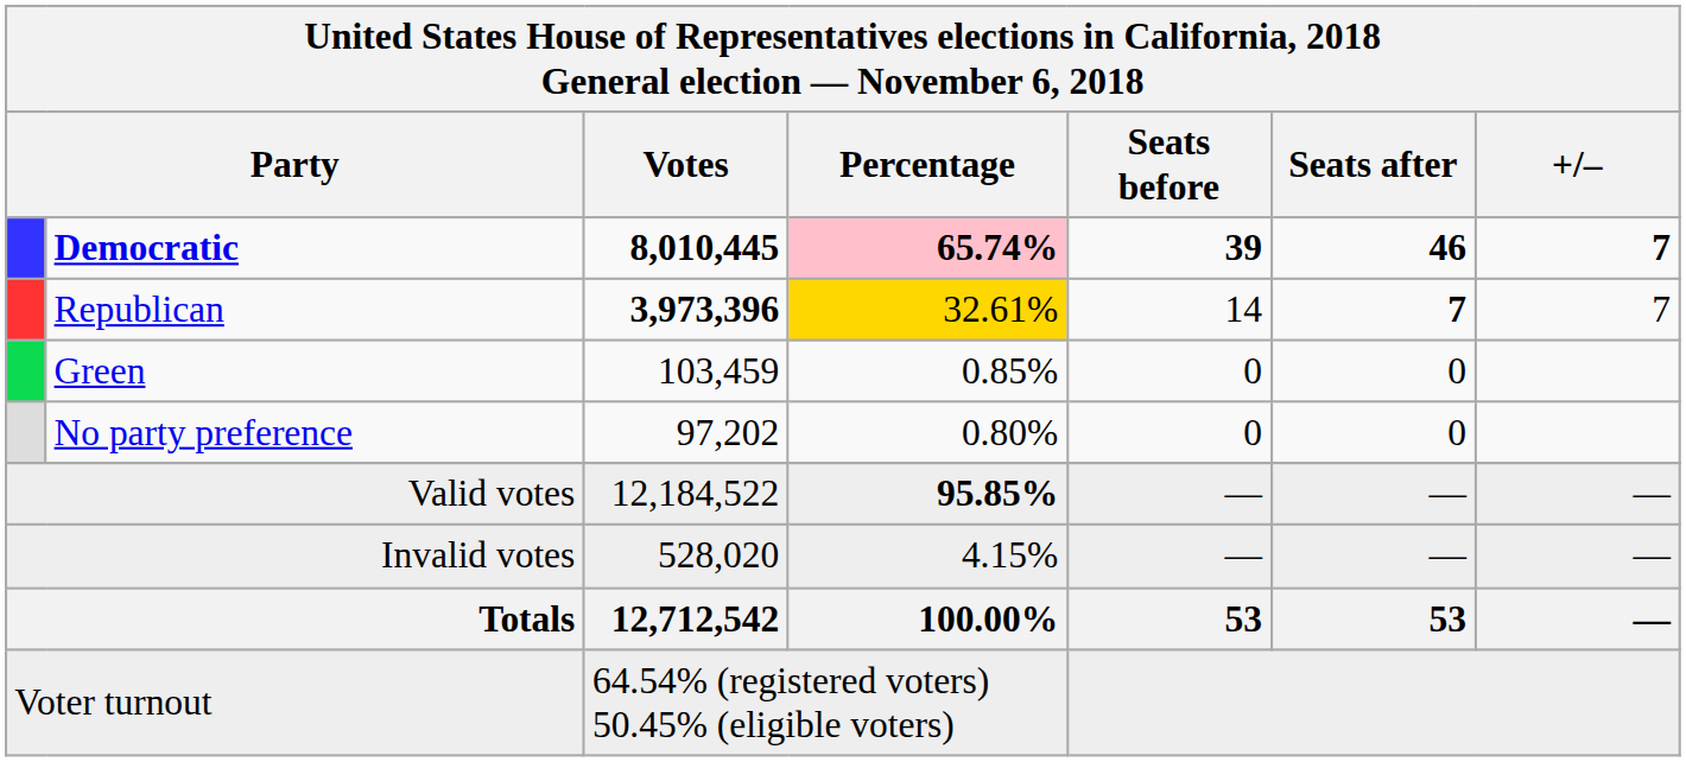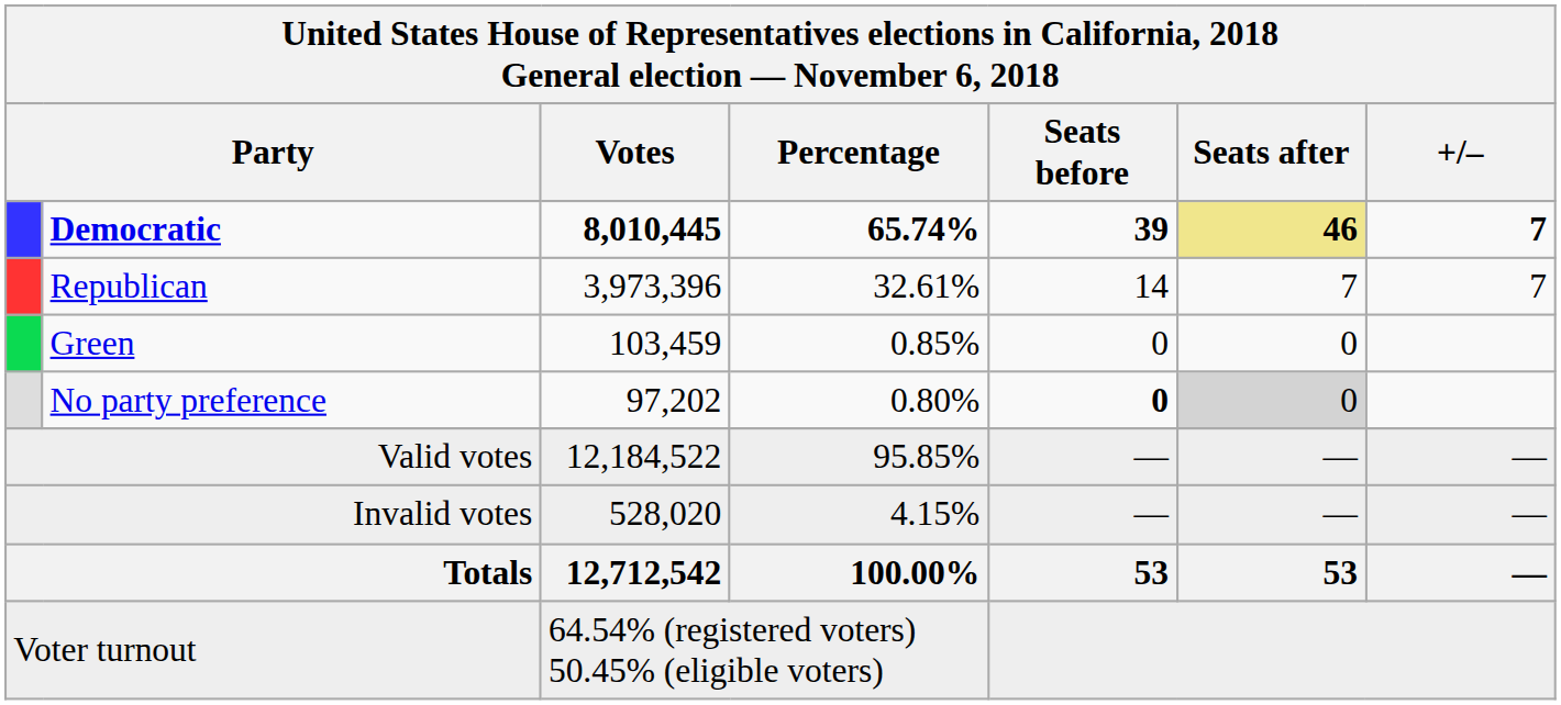 <table class="wikitable" style="font-size: 95%;">
 <tr>
 <th colspan="7">United States House of Representatives elections in California, 2018<br>General election — November 6, 2018</th>
 </tr>
 <tr>
 <th colspan=2 style="width: 15em">Party</th>
 <th style="width: 5em">Votes</th>
 <th style="width: 7em">Percentage</th>
 <th style="width: 5em">Seats before</th>
 <th style="width: 5em">Seats after</th>
 <th style="width: 5em">+/–</th>
 </tr>
 <tr>
 <th style="background:#33f; width:3px;"></th>
 <td style="width: 130px"><strong><a href='#'>Democratic</a></strong></td>
 <td style="text-align:right;"><strong>8,010,445</strong></td>
-<td style="background: pink; text-align:right;"><strong>65.74%</strong></td>
+<td style="text-align:right;"><strong>65.74%</strong></td>
 <td style="text-align:right;"><strong>39</strong></td>
-<td style="text-align:right;"><strong>46</strong></td>
+<td style="background: khaki; text-align:right;"><strong>46</strong></td>
 <td style="text-align:right;"><strong> 7</strong></td>
 </tr>
 <tr>
 <th style="background:#f33; width:3px;"></th>
 <td style="width: 130px"><a href='#'>Republican</a></td>
-<td style="text-align:right;"><strong>3,973,396</strong></td>
-<td style="background: gold; text-align:right;">32.61%</td>
+<td style="text-align:right;">3,973,396</td>
+<td style="text-align:right;">32.61%</td>
 <td style="text-align:right;">14</td>
-<td style="text-align:right;"><strong>7</strong></td>
+<td style="text-align:right;">7</td>
 <td style="text-align:right;"> 7</td>
 </tr>
 <tr>
 <th style="background:#0bda51; width:3px;"></th>
 <td style="width: 130px"><a href='#'>Green</a></td>
 <td style="text-align:right;">103,459</td>
 <td style="text-align:right;">0.85%</td>
 <td style="text-align:right;">0</td>
 <td style="text-align:right;">0</td>
 <td style="text-align:right;"></td>
 </tr>
 <tr>
 <th style="background:#dddddd; width:3px;"></th>
 <td style="width: 130px"><a href='#'>No party preference</a></td>
 <td style="text-align:right;">97,202</td>
 <td style="text-align:right;">0.80%</td>
-<td style="text-align:right;">0</td>
-<td style="text-align:right;">0</td>
+<td style="text-align:right;"><strong>0</strong></td>
+<td style="background: lightgrey; text-align:right;">0</td>
 <td style="text-align:right;"></td>
 </tr>
 <tr>
 </tr>
 <tr style="background:#eee; text-align:right;">
 <td colspan="2">Valid votes</td>
 <td>12,184,522</td>
-<td><strong>95.85%</strong></td>
+<td>95.85%</td>
 <td>—</td>
 <td>—</td>
 <td>—</td>
 </tr>
 <tr style="background:#eee; text-align:right;">
 <td colspan="2">Invalid votes</td>
 <td>528,020</td>
 <td>4.15%</td>
 <td>—</td>
 <td>—</td>
 <td>—</td>
 </tr>
 <tr style="background:#eee;">
 <th colspan="2" style="text-align:right;">Totals</th>
 <th style="text-align:right;">12,712,542</th>
 <th style="text-align:right;">100.00%</th>
 <th style="text-align:right;">53</th>
 <th style="text-align:right;">53</th>
 <th style="text-align:right;">—</th>
 </tr>
 <tr style="background:#eee; text-align:left;">
 <td colspan="2">Voter turnout</td>
 <td colspan="2">64.54% (registered voters)<br>50.45% (eligible voters)</td>
 <td colspan="3"></td>
 </tr>
 </table>
